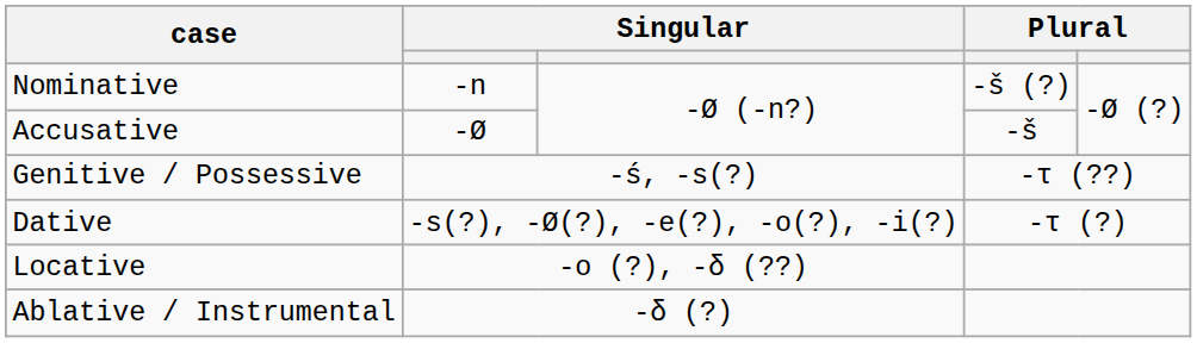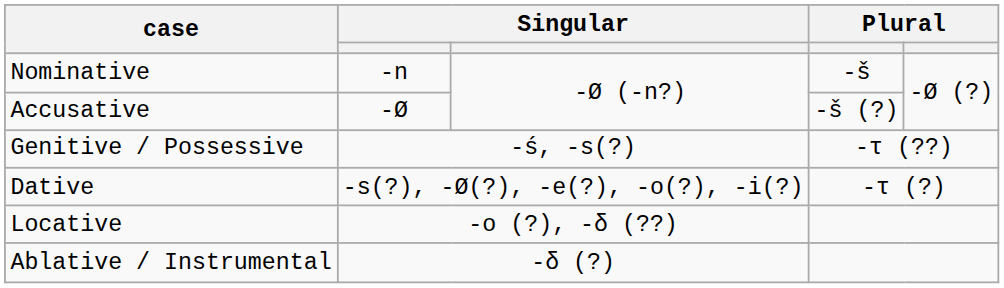 <table class="wikitable">
 <tr>
 <th rowspan="2">case</th>
 <th colspan="2">Singular</th>
 <th colspan="2">Plural</th>
 </tr>
 <tr>
 <th></th>
 <th></th>
 <th></th>
 <th></th>
 </tr>
 <tr>
 <td>Nominative</td>
 <td align="center">-n</td>
 <td rowspan="2" align="center">-Ø (-n?)</td>
-<td align="center">-š (?)</td>
+<td align="center">-š</td>
 <td rowspan="2" align="center">-Ø (?)</td>
 </tr>
 <tr>
 <td>Accusative</td>
 <td align="center">-Ø</td>
-<td align="center">-š</td>
+<td align="center">-š (?)</td>
 </tr>
 <tr>
 <td>Genitive / Possessive</td>
 <td colspan="2" align="center">-ś, -s(?)</td>
 <td colspan="2" align="center">-τ (??)</td>
 </tr>
 <tr>
 <td>Dative</td>
 <td colspan="2" align="center">-s(?), -Ø(?), -e(?), -o(?), -i(?)</td>
 <td colspan="2" align="center">-τ (?)</td>
 </tr>
 <tr>
 <td>Locative</td>
 <td colspan="2" align="center">-o (?), -δ (??)</td>
 <td colspan="2" align="center"></td>
 </tr>
 <tr>
 <td>Ablative / Instrumental</td>
 <td colspan="2" align="center">-δ (?)</td>
 <td colspan="2" align="center"></td>
 </tr>
 </table>
